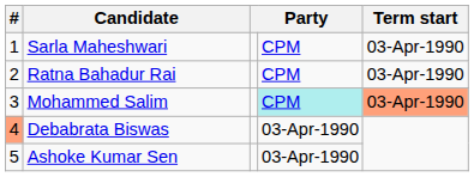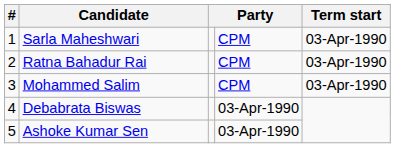 <table class="wikitable">
 <tr>
 <th>#</th>
 <th style="width:200px">Candidate</th>
 <th colspan="2">Party</th>
 <th>Term start</th>
 </tr>
 <tr>
 <td>1</td>
 <td><a href='#'>Sarla Maheshwari</a></td>
 <td style="background-color: "></td>
 <td><a href='#'>CPM</a></td>
 <td>03-Apr-1990</td>
 </tr>
 <tr>
 <td>2</td>
 <td><a href='#'>Ratna Bahadur Rai</a></td>
 <td style="background-color: "></td>
 <td><a href='#'>CPM</a></td>
 <td>03-Apr-1990</td>
 </tr>
 <tr>
 <td>3</td>
 <td><a href='#'>Mohammed Salim</a></td>
 <td style="background-color: "></td>
-<td style="background: paleturquoise;"><a href='#'>CPM</a></td>
-<td style="background: lightsalmon;">03-Apr-1990</td>
+<td><a href='#'>CPM</a></td>
+<td>03-Apr-1990</td>
 </tr>
 <tr>
-<td style="background: lightsalmon;">4</td>
+<td>4</td>
 <td><a href='#'>Debabrata Biswas</a></td>
 <td></td>
 <td>03-Apr-1990</td>
 </tr>
 <tr>
 <td>5</td>
 <td><a href='#'>Ashoke Kumar Sen</a></td>
 <td></td>
 <td>03-Apr-1990</td>
 </tr>
 </table>
